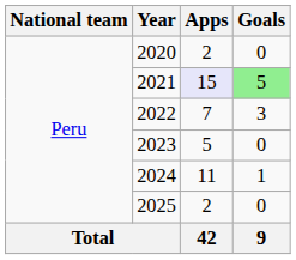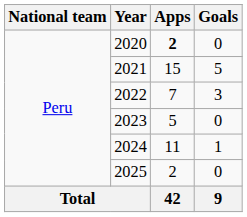 <table class="wikitable" style="text-align:center">
 <tr>
 <th>National team</th>
 <th>Year</th>
 <th>Apps</th>
 <th>Goals</th>
 </tr>
 <tr>
 <td rowspan="6"><a href='#'>Peru</a></td>
 <td>2020</td>
-<td>2</td>
+<td><strong>2</strong></td>
 <td>0</td>
 </tr>
 <tr>
 <td>2021</td>
-<td style="background: lavender;">15</td>
-<td style="background: lightgreen;">5</td>
+<td>15</td>
+<td>5</td>
 </tr>
 <tr>
 <td>2022</td>
 <td>7</td>
 <td>3</td>
 </tr>
 <tr>
 <td>2023</td>
 <td>5</td>
 <td>0</td>
 </tr>
 <tr>
 <td>2024</td>
 <td>11</td>
 <td>1</td>
 </tr>
 <tr>
 <td>2025</td>
 <td>2</td>
 <td>0</td>
 </tr>
 <tr>
 <th colspan="2">Total</th>
 <th>42</th>
 <th>9</th>
 </tr>
 </table>
